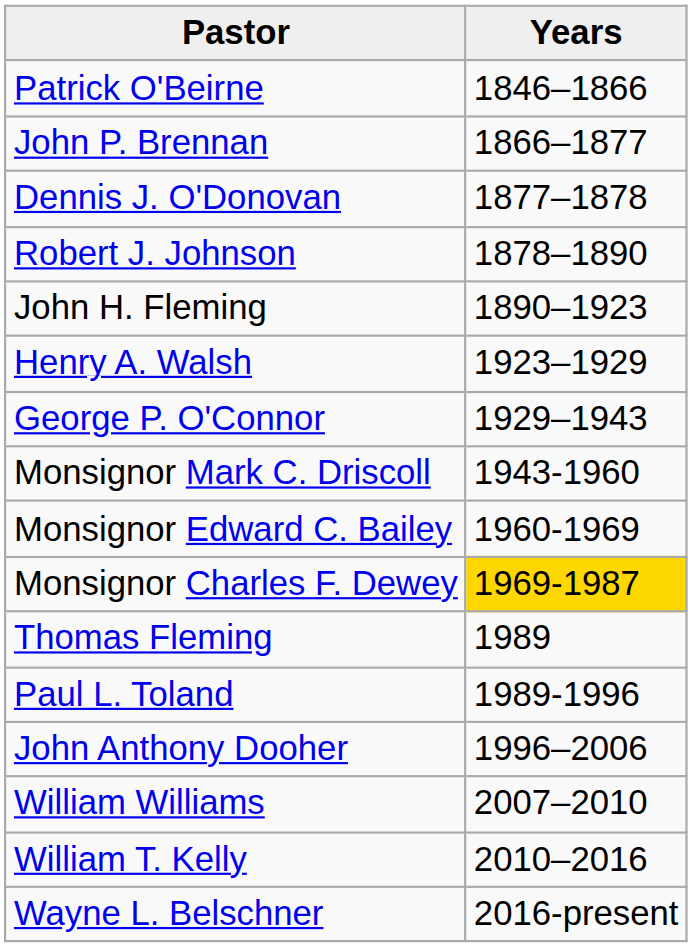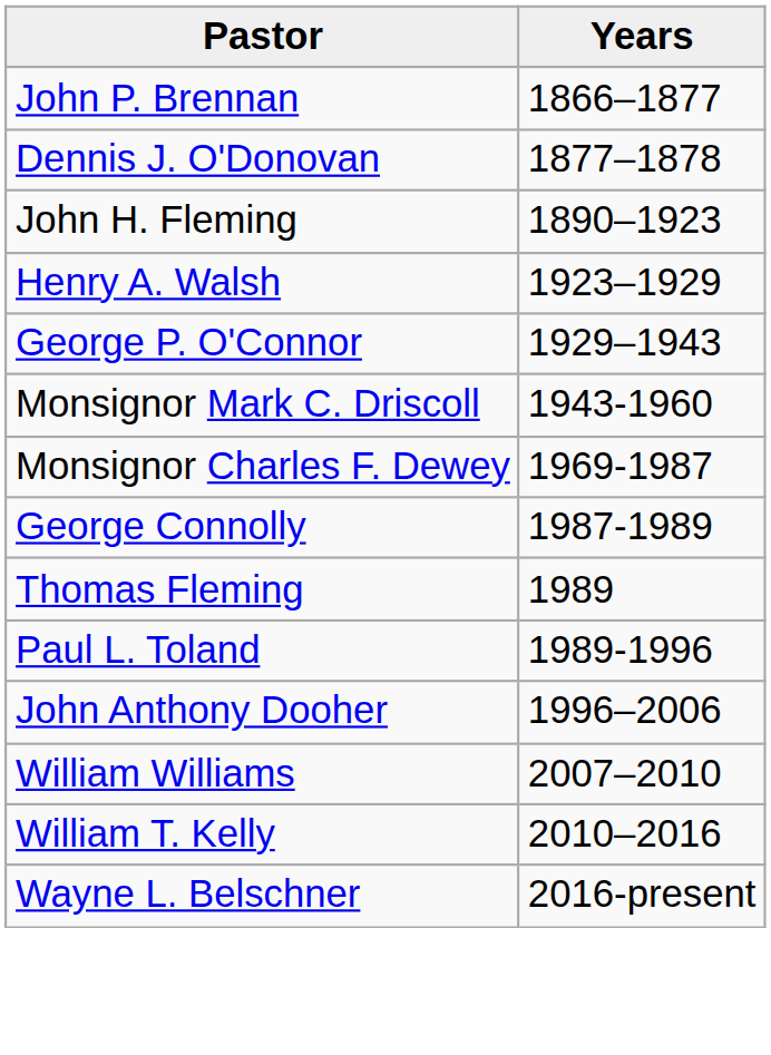 <table class="wikitable" style="float: right; margin-left:1em">
 <tr>
 <th style="background:#efefef;">Pastor</th>
 <th style="background:#efefef">Years</th>
-</tr>
-<tr>
-<td><a href='#'>Patrick O'Beirne</a></td>
-<td>1846–1866</td>
 </tr>
 <tr>
 <td><a href='#'>John P. Brennan</a></td>
 <td>1866–1877</td>
 </tr>
 <tr>
 <td><a href='#'>Dennis J. O'Donovan</a></td>
 <td>1877–1878</td>
-</tr>
-<tr>
-<td><a href='#'>Robert J. Johnson</a></td>
-<td>1878–1890</td>
 </tr>
 <tr>
 <td>John H. Fleming</td>
 <td>1890–1923</td>
 </tr>
 <tr>
 <td><a href='#'>Henry A. Walsh</a></td>
 <td>1923–1929</td>
 </tr>
 <tr>
 <td><a href='#'>George P. O'Connor</a></td>
 <td>1929–1943</td>
 </tr>
 <tr>
 <td>Monsignor <a href='#'>Mark C. Driscoll</a></td>
 <td>1943-1960</td>
 </tr>
 <tr>
-<td>Monsignor <a href='#'>Edward C. Bailey</a></td>
-<td>1960-1969</td>
+<td>Monsignor <a href='#'>Charles F. Dewey</a></td>
+<td>1969-1987</td>
 </tr>
 <tr>
-<td>Monsignor <a href='#'>Charles F. Dewey</a></td>
-<td style="background: gold;">1969-1987</td>
+<td><a href='#'>George Connolly</a></td>
+<td>1987-1989</td>
 </tr>
 <tr>
 <td><a href='#'>Thomas Fleming</a></td>
 <td>1989</td>
 </tr>
 <tr>
 <td><a href='#'>Paul L. Toland</a></td>
 <td>1989-1996</td>
 </tr>
 <tr>
 <td><a href='#'>John Anthony Dooher</a></td>
 <td>1996–2006</td>
 </tr>
 <tr>
 <td><a href='#'>William Williams</a></td>
 <td>2007–2010</td>
 </tr>
 <tr>
 <td><a href='#'>William T. Kelly</a></td>
 <td>2010–2016</td>
 </tr>
 <tr>
 <td><a href='#'>Wayne L. Belschner</a></td>
 <td>2016-present</td>
 </tr>
 </table>
